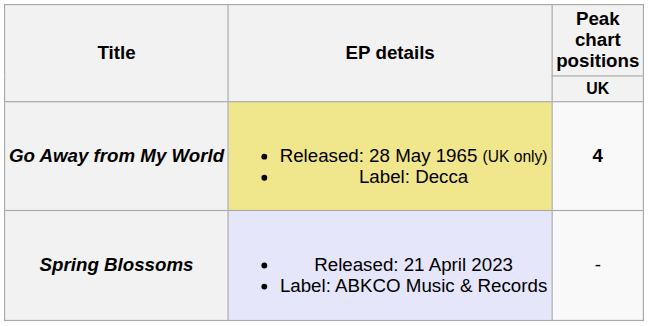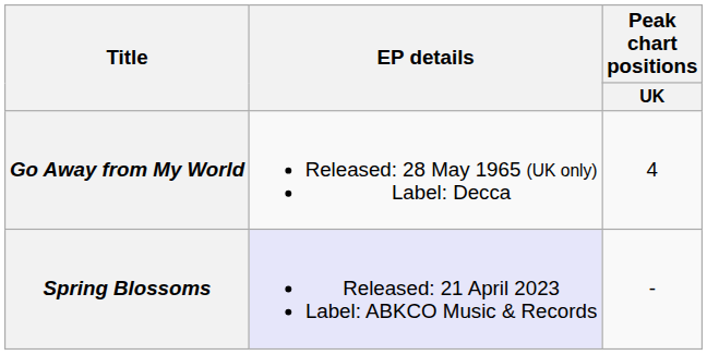 <table class="wikitable plainrowheaders" style="text-align:center;">
 <tr>
 <th rowspan="2">Title</th>
 <th rowspan="2">EP details</th>
 <th colspan="12">Peak chart positions</th>
 </tr>
 <tr>
 <th style="width:3em;font-size:85%">UK<br></th>
 </tr>
 <tr>
 <th scope="row"><em>Go Away from My World</em></th>
-<td style="background: khaki;"><br><ul><li>Released: 28 May 1965 <small>(UK only)</small></li><li>Label: Decca</li></ul></td>
-<td align="center"><strong>4</strong></td>
+<td><br><ul><li>Released: 28 May 1965 <small>(UK only)</small></li><li>Label: Decca</li></ul></td>
+<td align="center">4</td>
 </tr>
 <tr>
 <th scope="row"><em>Spring Blossoms</em></th>
 <td style="background: lavender;"><br><ul><li>Released: 21 April 2023</li><li>Label: ABKCO Music & Records</li></ul></td>
 <td align="center">-</td>
 </tr>
 </table>
